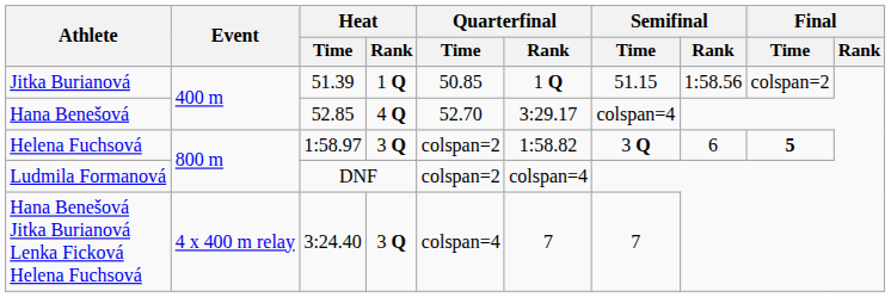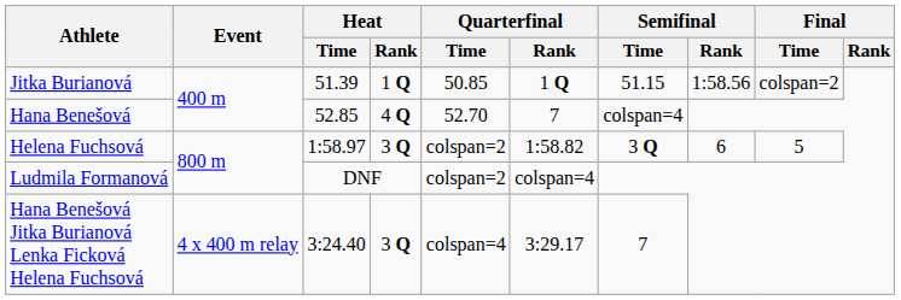 <table class=wikitable style=font-size:90%;text-align:center>
 <tr>
 <th rowspan=2>Athlete</th>
 <th rowspan=2>Event</th>
 <th colspan=2>Heat</th>
 <th colspan=2>Quarterfinal</th>
 <th colspan=2>Semifinal</th>
 <th colspan=2>Final</th>
 </tr>
 <tr style=font-size:95%>
 <th>Time</th>
 <th>Rank</th>
 <th>Time</th>
 <th>Rank</th>
 <th>Time</th>
 <th>Rank</th>
 <th>Time</th>
 <th>Rank</th>
 </tr>
 <tr>
 <td align=left><a href='#'>Jitka Burianová</a></td>
 <td align=left rowspan=2><a href='#'>400 m</a></td>
 <td>51.39</td>
 <td>1 <strong>Q</strong></td>
 <td>50.85</td>
 <td>1 <strong>Q</strong></td>
 <td>51.15</td>
 <td>1:58.56</td>
 <td>colspan=2 </td>
 </tr>
 <tr>
 <td align=left><a href='#'>Hana Benešová</a></td>
 <td>52.85</td>
 <td>4 <strong>Q</strong></td>
 <td>52.70</td>
-<td>3:29.17</td>
+<td>7</td>
 <td>colspan=4 </td>
 </tr>
 <tr>
 <td align=left><a href='#'>Helena Fuchsová</a></td>
 <td align=left rowspan=2><a href='#'>800 m</a></td>
 <td>1:58.97</td>
 <td>3 <strong>Q</strong></td>
 <td>colspan=2 </td>
 <td>1:58.82</td>
 <td>3 <strong>Q</strong></td>
 <td>6</td>
-<td><strong>5</strong></td>
+<td>5</td>
 </tr>
 <tr>
 <td align=left><a href='#'>Ludmila Formanová</a></td>
 <td colspan=2>DNF</td>
 <td>colspan=2 </td>
 <td>colspan=4 </td>
 </tr>
 <tr>
 <td align=left><a href='#'>Hana Benešová</a><br><a href='#'>Jitka Burianová</a><br><a href='#'>Lenka Ficková</a><br><a href='#'>Helena Fuchsová</a></td>
 <td align=left><a href='#'>4 x 400 m relay</a></td>
 <td>3:24.40</td>
 <td>3 <strong>Q</strong></td>
 <td>colspan=4 </td>
-<td>7</td>
+<td>3:29.17</td>
 <td>7</td>
 </tr>
 </table>
